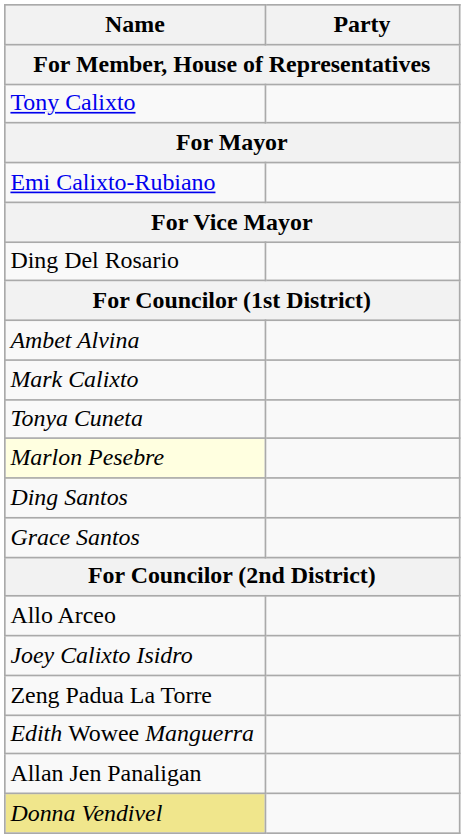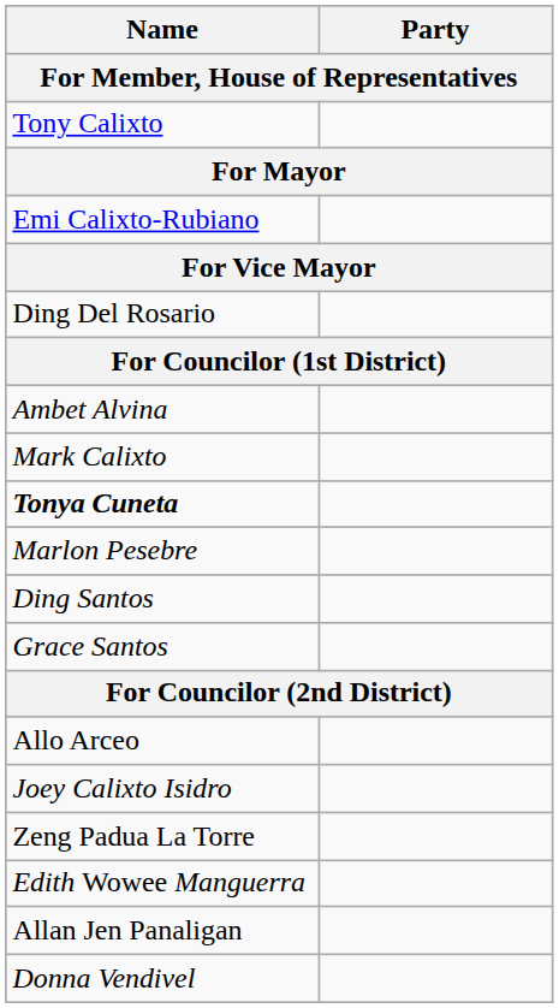 <table class="wikitable" style="font-size:90%">
 <tr>
 <th width="150px">Name</th>
 <th colspan=2 width=110px>Party</th>
 </tr>
 <tr>
 <th colspan="3">For Member, House of Representatives</th>
 </tr>
 <tr>
 <td><a href='#'>Tony Calixto</a></td>
 <td></td>
 </tr>
 <tr>
 <th colspan="3">For Mayor</th>
 </tr>
 <tr>
 <td><a href='#'>Emi Calixto-Rubiano</a></td>
 <td></td>
 </tr>
 <tr>
 <th colspan="3">For Vice Mayor</th>
 </tr>
 <tr>
 <td>Ding Del Rosario</td>
 <td></td>
 </tr>
 <tr>
 <th colspan="3">For Councilor (1st District)</th>
 </tr>
 <tr>
 <td><em>Ambet Alvina</em></td>
 <td></td>
 </tr>
 <tr>
 <td><em>Mark Calixto</em></td>
 <td></td>
 </tr>
 <tr>
-<td><em>Tonya Cuneta</em></td>
+<td><strong><em>Tonya Cuneta</em></strong></td>
 <td></td>
 </tr>
 <tr>
-<td style="background: lightyellow;"><em>Marlon Pesebre</em></td>
+<td><em>Marlon Pesebre</em></td>
 <td></td>
 </tr>
 <tr>
 <td><em>Ding Santos</em></td>
 <td></td>
 </tr>
 <tr>
 <td><em>Grace Santos</em></td>
 <td></td>
 </tr>
 <tr>
 <th colspan="3">For Councilor (2nd District)</th>
 </tr>
 <tr>
 <td>Allo Arceo</td>
 <td></td>
 </tr>
 <tr>
 <td><em>Joey Calixto Isidro</em></td>
 <td></td>
 </tr>
 <tr>
 <td>Zeng Padua La Torre</td>
 <td></td>
 </tr>
 <tr>
 <td><em>Edith </em>Wowee<em> Manguerra</em></td>
 <td></td>
 </tr>
 <tr>
 <td>Allan Jen Panaligan</td>
 <td></td>
 </tr>
 <tr>
-<td style="background: khaki;"><em>Donna Vendivel</em></td>
+<td><em>Donna Vendivel</em></td>
 <td></td>
 </tr>
 </table>
